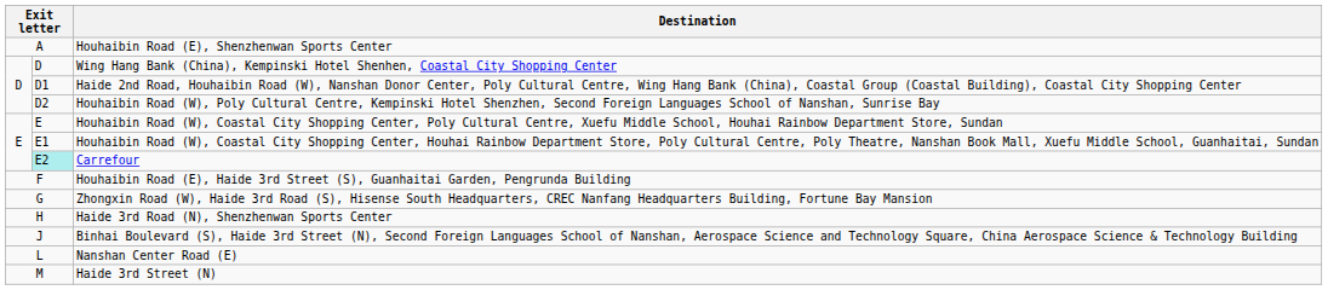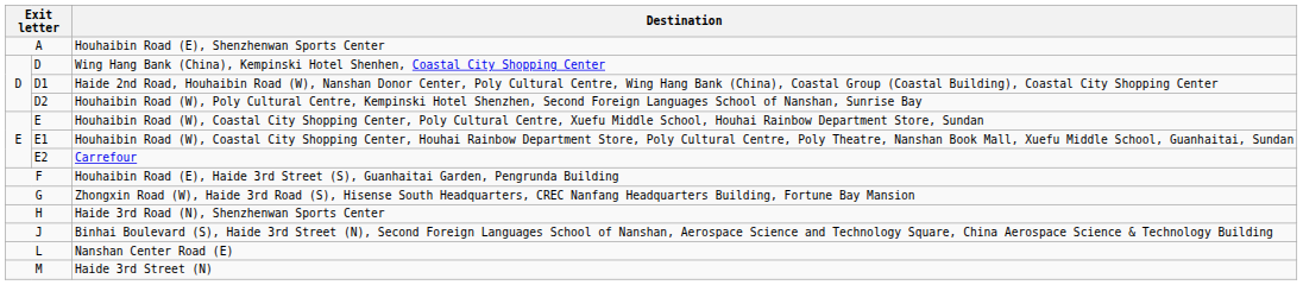 <table class="wikitable">
 <tr>
 <th style="width:70px" colspan="2">Exit letter</th>
 <th>Destination</th>
 </tr>
 <tr>
 <td style="text-align:center;" colspan="2">A</td>
 <td>Houhaibin Road (E), Shenzhenwan Sports Center</td>
 </tr>
 <tr>
 <td style="text-align:center;" rowspan="3">D</td>
 <td>D</td>
 <td>Wing Hang Bank (China), Kempinski Hotel Shenhen, <a href='#'>Coastal City Shopping Center</a></td>
 </tr>
 <tr>
 <td>D1</td>
 <td>Haide 2nd Road, Houhaibin Road (W), Nanshan Donor Center, Poly Cultural Centre, Wing Hang Bank (China), Coastal Group (Coastal Building), Coastal City Shopping Center</td>
 </tr>
 <tr>
 <td>D2</td>
 <td>Houhaibin Road (W), Poly Cultural Centre, Kempinski Hotel Shenzhen, Second Foreign Languages School of Nanshan, Sunrise Bay</td>
 </tr>
 <tr>
 <td style="text-align:center;" rowspan="3">E</td>
 <td>E</td>
 <td>Houhaibin Road (W), Coastal City Shopping Center, Poly Cultural Centre, Xuefu Middle School, Houhai Rainbow Department Store, Sundan</td>
 </tr>
 <tr>
 <td>E1</td>
 <td>Houhaibin Road (W), Coastal City Shopping Center, Houhai Rainbow Department Store, Poly Cultural Centre, Poly Theatre, Nanshan Book Mall, Xuefu Middle School, Guanhaitai, Sundan</td>
 </tr>
 <tr>
-<td style="background: paleturquoise;">E2</td>
+<td>E2</td>
 <td><a href='#'>Carrefour</a></td>
 </tr>
 <tr>
 <td style="text-align:center;" colspan="2">F</td>
 <td>Houhaibin Road (E), Haide 3rd Street (S), Guanhaitai Garden, Pengrunda Building</td>
 </tr>
 <tr>
 <td style="text-align:center;" colspan="2">G</td>
 <td>Zhongxin Road (W), Haide 3rd Road (S), Hisense South Headquarters, CREC Nanfang Headquarters Building, Fortune Bay Mansion</td>
 </tr>
 <tr>
 <td style="text-align:center;" colspan="2">H</td>
 <td>Haide 3rd Road (N), Shenzhenwan Sports Center</td>
 </tr>
 <tr>
 <td style="text-align:center;" colspan="2">J</td>
 <td>Binhai Boulevard (S), Haide 3rd Street (N), Second Foreign Languages School of Nanshan, Aerospace Science and Technology Square, China Aerospace Science & Technology Building</td>
 </tr>
 <tr>
 <td style="text-align:center;" colspan="2">L</td>
 <td>Nanshan Center Road (E)</td>
 </tr>
 <tr>
 <td style="text-align:center;" colspan="2">M</td>
 <td>Haide 3rd Street (N)</td>
 </tr>
 </table>
